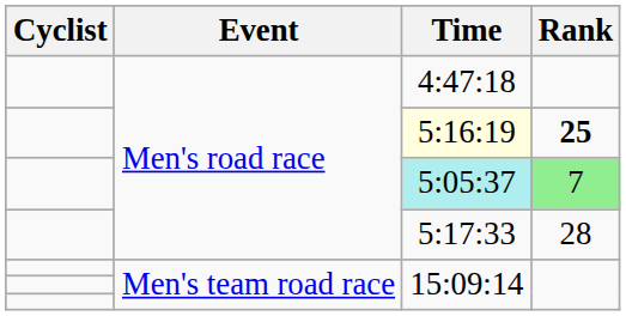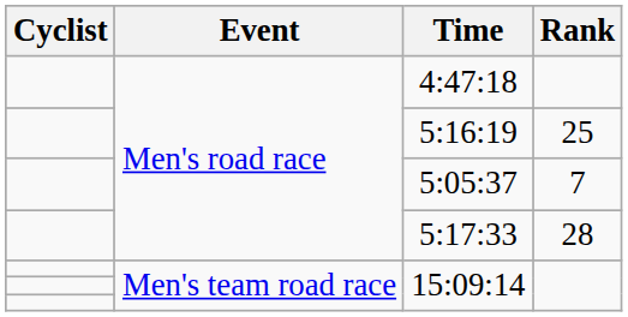 <table class="wikitable sortable" style="text-align:center">
 <tr>
 <th>Cyclist</th>
 <th>Event</th>
 <th>Time</th>
 <th>Rank</th>
 </tr>
 <tr>
 <td align=left><strong></strong></td>
 <td align=left rowspan=4><a href='#'>Men's road race</a></td>
 <td>4:47:18</td>
 <td></td>
 </tr>
 <tr>
 <td align=left></td>
-<td style="background: lightyellow;">5:16:19</td>
-<td><strong>25</strong></td>
+<td>5:16:19</td>
+<td>25</td>
 </tr>
 <tr>
 <td align=left></td>
-<td style="background: paleturquoise;">5:05:37</td>
-<td style="background: lightgreen;">7</td>
+<td>5:05:37</td>
+<td>7</td>
 </tr>
 <tr>
 <td align=left></td>
 <td>5:17:33</td>
 <td>28</td>
 </tr>
 <tr>
 <td align=left><strong></strong></td>
 <td align=left rowspan=3><a href='#'>Men's team road race</a></td>
 <td rowspan=3>15:09:14</td>
 <td rowspan=3></td>
 </tr>
 <tr>
 <td align=left><strong></strong></td>
 </tr>
 <tr>
 <td align=left><strong></strong></td>
 </tr>
 </table>
